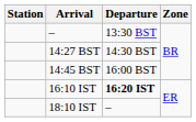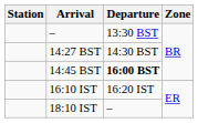 <table class="wikitable">
 <tr>
 <th>Station</th>
 <th>Arrival</th>
 <th>Departure</th>
 <th>Zone</th>
 </tr>
 <tr>
 <td></td>
 <td>–</td>
 <td>13:30 <a href='#'>BST</a></td>
 <td rowspan=3><a href='#'>BR</a></td>
 </tr>
 <tr>
 <td></td>
 <td>14:27 BST</td>
 <td>14:30 BST</td>
 </tr>
 <tr>
 <td></td>
 <td>14:45 BST</td>
-<td>16:00 BST</td>
+<td><strong>16:00 BST</strong></td>
 </tr>
 <tr>
 <td></td>
 <td>16:10 IST</td>
-<td><strong>16:20 IST</strong></td>
+<td>16:20 IST</td>
 <td rowspan=2><a href='#'>ER</a></td>
 </tr>
 <tr>
 <td></td>
 <td>18:10 IST</td>
 <td>–</td>
 </tr>
 </table>
